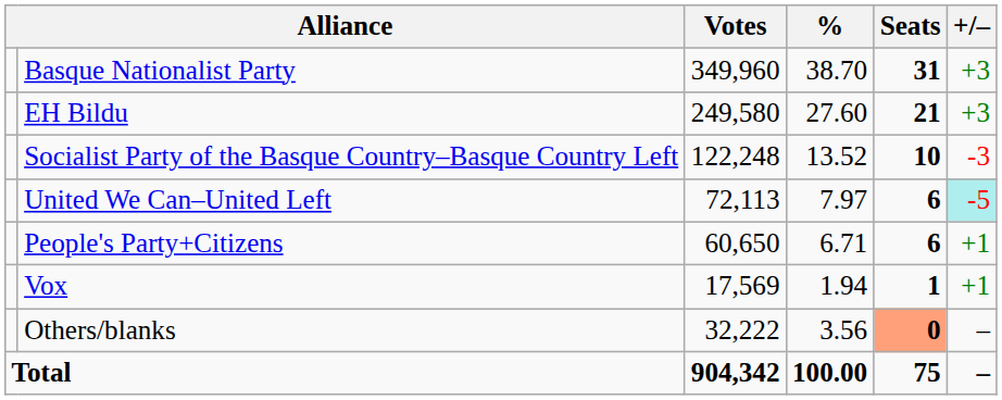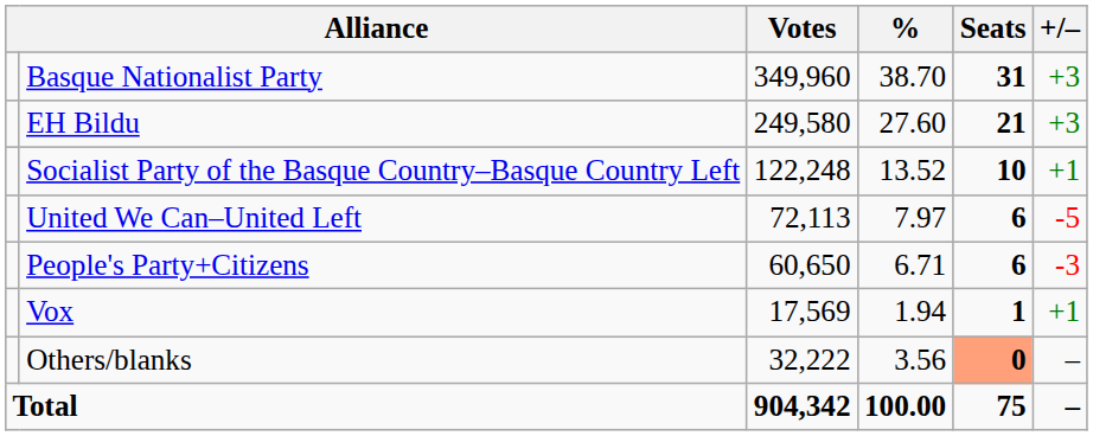 <table class="wikitable" style="font-size:100%; text-align:right;">
 <tr>
 <th colspan=2>Alliance</th>
 <th>Votes</th>
 <th>%</th>
 <th>Seats</th>
 <th>+/–</th>
 </tr>
 <tr>
 <td style="background:"></td>
 <td align=left><a href='#'>Basque Nationalist Party</a></td>
 <td>349,960</td>
 <td>38.70</td>
 <td><strong>31</strong></td>
 <td style="color:green;">+3</td>
 </tr>
 <tr>
 <td style="background:"></td>
 <td align=left><a href='#'>EH Bildu</a></td>
 <td>249,580</td>
 <td>27.60</td>
 <td><strong>21</strong></td>
 <td style="color:green;">+3</td>
 </tr>
 <tr>
 <td style="background:"></td>
 <td align=left><a href='#'>Socialist Party of the Basque Country–Basque Country Left</a></td>
 <td>122,248</td>
 <td>13.52</td>
 <td><strong>10</strong></td>
-<td style="color:red;">-3</td>
+<td style="color:green;">+1</td>
 </tr>
 <tr>
 <td style="background:"></td>
 <td align=left><a href='#'>United We Can–United Left</a></td>
 <td>72,113</td>
 <td>7.97</td>
 <td><strong>6</strong></td>
-<td style="background: paleturquoise; color:red;">-5</td>
+<td style="color:red;">-5</td>
 </tr>
 <tr>
 <td style="background:"></td>
 <td align=left><a href='#'>People's Party+Citizens</a></td>
 <td>60,650</td>
 <td>6.71</td>
 <td><strong>6</strong></td>
-<td style="color:green;">+1</td>
+<td style="color:red;">-3</td>
 </tr>
 <tr>
 <td style="background:"></td>
 <td align=left><a href='#'>Vox</a></td>
 <td>17,569</td>
 <td>1.94</td>
 <td><strong>1</strong></td>
 <td style="color:green;">+1</td>
 </tr>
 <tr>
 <td></td>
 <td align=left>Others/blanks</td>
 <td>32,222</td>
 <td>3.56</td>
 <td style="background: lightsalmon;"><strong>0</strong></td>
 <td>–</td>
 </tr>
 <tr style="font-weight:bold">
 <td colspan=2 align=left>Total</td>
 <td>904,342</td>
 <td>100.00</td>
 <td>75</td>
 <td>–</td>
 </tr>
 </table>
